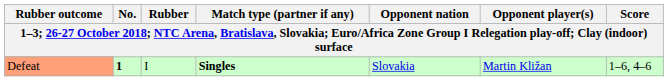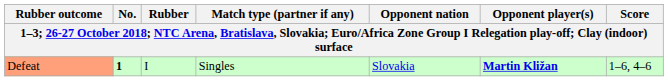 <table class=wikitable>
 <tr>
 <th>Rubber outcome</th>
 <th>No.</th>
 <th>Rubber</th>
 <th>Match type (partner if any)</th>
 <th>Opponent nation</th>
 <th>Opponent player(s)</th>
 <th>Score</th>
 </tr>
 <tr>
 <th colspan=7>1–3; <a href='#'>26-27 October 2018</a>; <a href='#'>NTC Arena</a>, <a href='#'>Bratislava</a>, Slovakia; Euro/Africa Zone Group I Relegation play-off; Clay (indoor) surface</th>
 </tr>
 <tr bgcolor=#CCFFCC>
 <td bgcolor=FFA07A>Defeat</td>
 <td><strong>1</strong></td>
 <td>I</td>
-<td><strong>Singles</strong></td>
+<td>Singles</td>
 <td> <a href='#'>Slovakia</a></td>
-<td><a href='#'>Martin Kližan</a></td>
+<td><strong><a href='#'>Martin Kližan</a></strong></td>
 <td>1–6, 4–6</td>
 </tr>
 </table>
